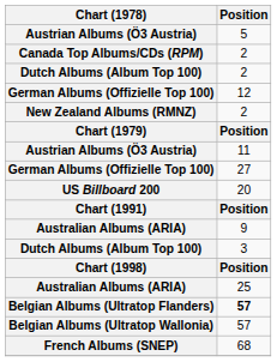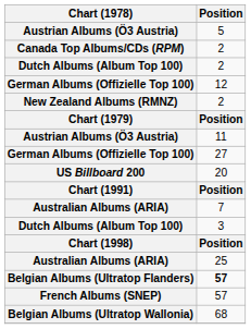 <table class="wikitable sortable plainrowheaders" style="text-align:center">
 <tr>
 <th scope="col">Chart (1978)</th>
 <th scope="col">Position</th>
 </tr>
 <tr>
 <th scope="row">Austrian Albums (Ö3 Austria)</th>
 <td>5</td>
 </tr>
 <tr>
 <th scope="row">Canada Top Albums/CDs (<em>RPM</em>)</th>
 <td>2</td>
 </tr>
 <tr>
 <th scope="row">Dutch Albums (Album Top 100)</th>
 <td>2</td>
 </tr>
 <tr>
 <th scope="row">German Albums (Offizielle Top 100)</th>
 <td>12</td>
 </tr>
 <tr>
 <th scope="row">New Zealand Albums (RMNZ)</th>
 <td>2</td>
 </tr>
 <tr>
 <th scope="col">Chart (1979)</th>
 <th scope="col">Position</th>
 </tr>
 <tr>
 <th scope="row">Austrian Albums (Ö3 Austria)</th>
 <td>11</td>
 </tr>
 <tr>
 <th scope="row">German Albums (Offizielle Top 100)</th>
 <td>27</td>
 </tr>
 <tr>
 <th scope="row">US <em>Billboard</em> 200</th>
 <td>20</td>
 </tr>
 <tr>
 <th scope="col">Chart (1991)</th>
 <th scope="col">Position</th>
 </tr>
 <tr>
 <th scope="row">Australian Albums (ARIA)</th>
-<td>9</td>
+<td>7</td>
 </tr>
 <tr>
 <th scope="row">Dutch Albums (Album Top 100)</th>
 <td>3</td>
 </tr>
 <tr>
 <th scope="col">Chart (1998)</th>
 <th scope="col">Position</th>
 </tr>
 <tr>
 <th scope="row">Australian Albums (ARIA)</th>
 <td>25</td>
 </tr>
 <tr>
 <th scope="row">Belgian Albums (Ultratop Flanders)</th>
 <td><strong>57</strong></td>
 </tr>
 <tr>
-<th scope="row">Belgian Albums (Ultratop Wallonia)</th>
+<th scope="row">French Albums (SNEP)</th>
 <td>57</td>
 </tr>
 <tr>
-<th scope="row">French Albums (SNEP)</th>
+<th scope="row">Belgian Albums (Ultratop Wallonia)</th>
 <td>68</td>
 </tr>
 <tr>
 </tr>
 </table>
